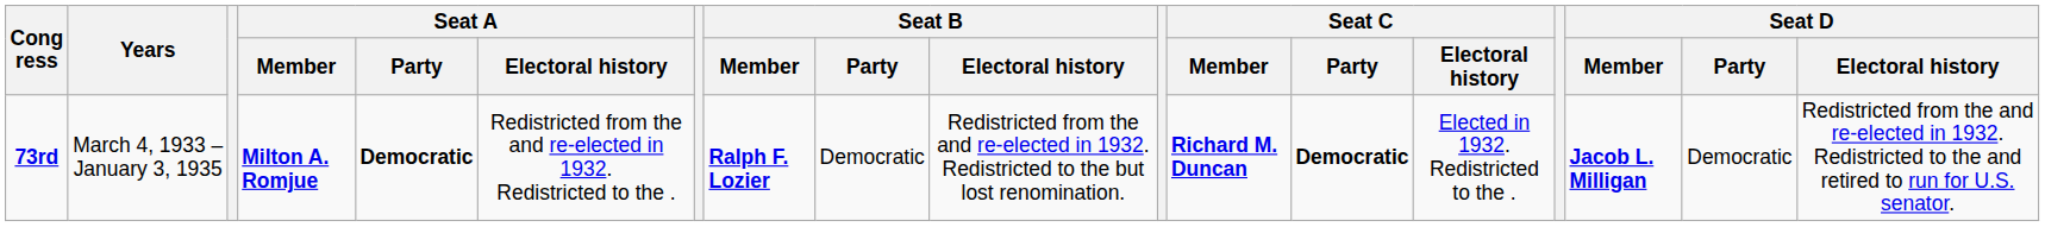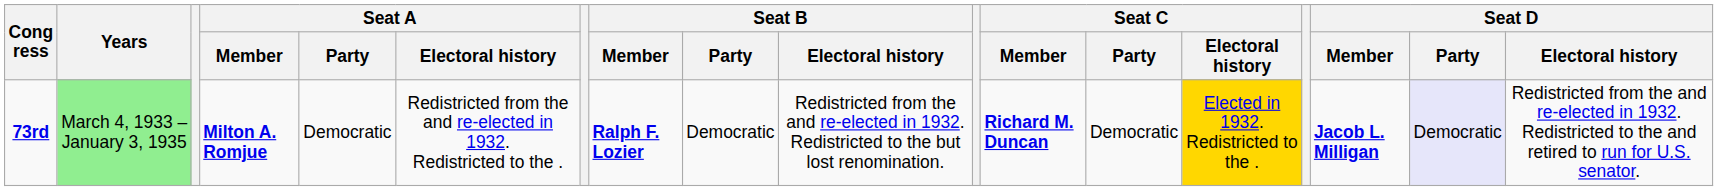 <table class=wikitable style="text-align:center">
 <tr>
 <th rowspan=2>Cong<br>ress</th>
 <th rowspan=2>Years</th>
 <th rowspan=99></th>
 <th colspan=3>Seat A</th>
 <th rowspan=99></th>
 <th colspan=3>Seat B</th>
 <th rowspan=99></th>
 <th colspan=3>Seat C</th>
 <th rowspan=99></th>
 <th colspan=3>Seat D</th>
 </tr>
 <tr>
 <th>Member</th>
 <th>Party</th>
 <th>Electoral history</th>
 <th>Member</th>
 <th>Party</th>
 <th>Electoral history</th>
 <th>Member</th>
 <th>Party</th>
 <th>Electoral history</th>
 <th>Member</th>
 <th>Party</th>
 <th>Electoral history</th>
 </tr>
 <tr>
 <td><strong><a href='#'>73rd</a></strong></td>
-<td nowrap>March 4, 1933 –<br>January 3, 1935</td>
+<td nowrap style="background: lightgreen;">March 4, 1933 –<br>January 3, 1935</td>
 <td align=left><br><strong><a href='#'>Milton A. Romjue</a></strong><br></td>
-<td><strong>Democratic</strong></td>
+<td>Democratic</td>
 <td>Redistricted from the  and <a href='#'>re-elected in 1932</a>.<br>Redistricted to the .</td>
 <td align=left><br><strong><a href='#'>Ralph F. Lozier</a></strong><br></td>
 <td>Democratic</td>
 <td>Redistricted from the  and <a href='#'>re-elected in 1932</a>.<br>Redistricted to the  but lost renomination.</td>
 <td align=left><strong><a href='#'>Richard M. Duncan</a></strong><br></td>
-<td><strong>Democratic</strong></td>
-<td><a href='#'>Elected in 1932</a>.<br>Redistricted to the .</td>
+<td>Democratic</td>
+<td style="background: gold;"><a href='#'>Elected in 1932</a>.<br>Redistricted to the .</td>
 <td align=left><br><strong><a href='#'>Jacob L. Milligan</a></strong><br></td>
-<td>Democratic</td>
+<td style="background: lavender;">Democratic</td>
 <td>Redistricted from the  and <a href='#'>re-elected in 1932</a>.<br>Redistricted to the  and retired to <a href='#'>run for U.S. senator</a>.</td>
 </tr>
 </table>
